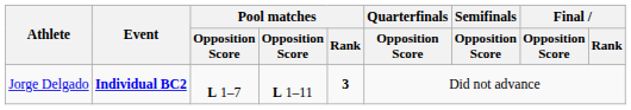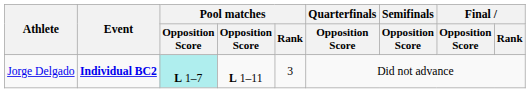 <table class=wikitable style="font-size:90%">
 <tr>
 <th rowspan="2">Athlete</th>
 <th rowspan="2">Event</th>
 <th colspan="3">Pool matches</th>
 <th>Quarterfinals</th>
 <th>Semifinals</th>
 <th colspan=2>Final / </th>
 </tr>
 <tr style="font-size:95%">
 <th>Opposition<br>Score</th>
 <th>Opposition<br>Score</th>
 <th>Rank</th>
 <th>Opposition<br>Score</th>
 <th>Opposition<br>Score</th>
 <th>Opposition<br>Score</th>
 <th>Rank</th>
 </tr>
 <tr align=center>
 <td align=left><a href='#'>Jorge Delgado</a></td>
 <td align=left><strong><a href='#'>Individual BC2</a></strong></td>
-<td><br><strong>L</strong> 1–7</td>
+<td style="background: paleturquoise;"><br><strong>L</strong> 1–7</td>
 <td><br><strong>L</strong> 1–11</td>
-<td><strong>3</strong></td>
+<td>3</td>
 <td colspan=4>Did not advance</td>
 </tr>
 </table>
